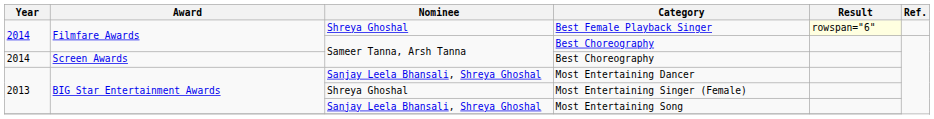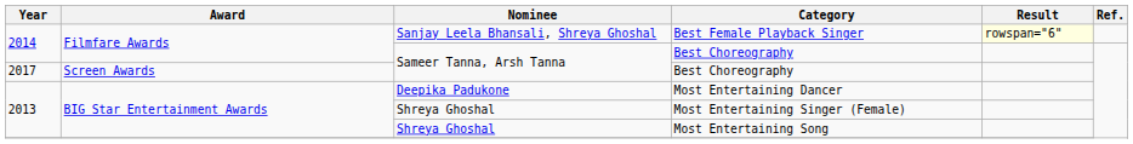 <table class="wikitable sortable">
 <tr>
 <th width=5%>Year</th>
 <th width=30%>Award</th>
 <th width=25%>Nominee</th>
 <th width=28%>Category</th>
 <th width=10%>Result</th>
 <th width=2%>Ref.</th>
 </tr>
 <tr>
 <td rowspan="2"><a href='#'>2014</a></td>
 <td rowspan="2"><a href='#'>Filmfare Awards</a></td>
-<td><a href='#'>Shreya Ghoshal</a></td>
+<td><a href='#'>Sanjay Leela Bhansali</a>, <a href='#'>Shreya Ghoshal</a></td>
 <td><a href='#'>Best Female Playback Singer</a></td>
 <td style="background: lightyellow;">rowspan="6" </td>
 <td></td>
 </tr>
 <tr>
 <td rowspan="2">Sameer Tanna, Arsh Tanna</td>
 <td><a href='#'>Best Choreography</a></td>
 <td></td>
 </tr>
 <tr>
-<td>2014</td>
+<td>2017</td>
 <td><a href='#'>Screen Awards</a></td>
 <td>Best Choreography</td>
 <td></td>
 </tr>
 <tr>
 <td rowspan="3">2013</td>
 <td rowspan="3"><a href='#'>BIG Star Entertainment Awards</a></td>
-<td><a href='#'>Sanjay Leela Bhansali</a>, <a href='#'>Shreya Ghoshal</a></td>
+<td><a href='#'>Deepika Padukone</a></td>
 <td>Most Entertaining Dancer</td>
 <td></td>
 </tr>
 <tr>
 <td>Shreya Ghoshal</td>
 <td>Most Entertaining Singer (Female)</td>
 <td></td>
 </tr>
 <tr>
-<td><a href='#'>Sanjay Leela Bhansali</a>, <a href='#'>Shreya Ghoshal</a></td>
+<td><a href='#'>Shreya Ghoshal</a></td>
 <td>Most Entertaining Song</td>
 <td></td>
 </tr>
 <tr>
 </tr>
 </table>
